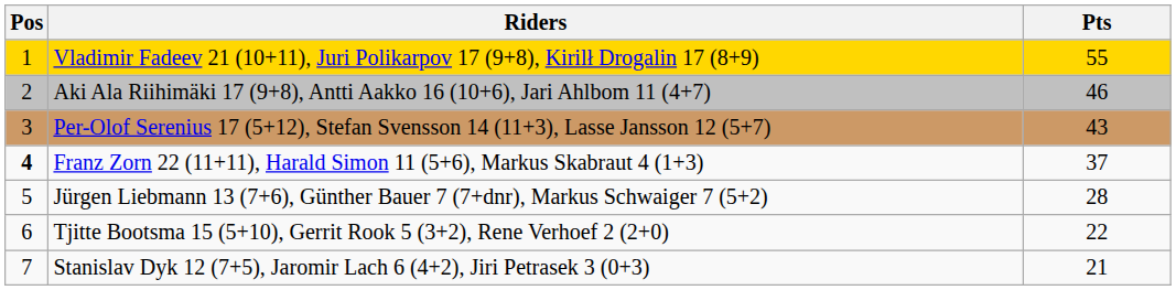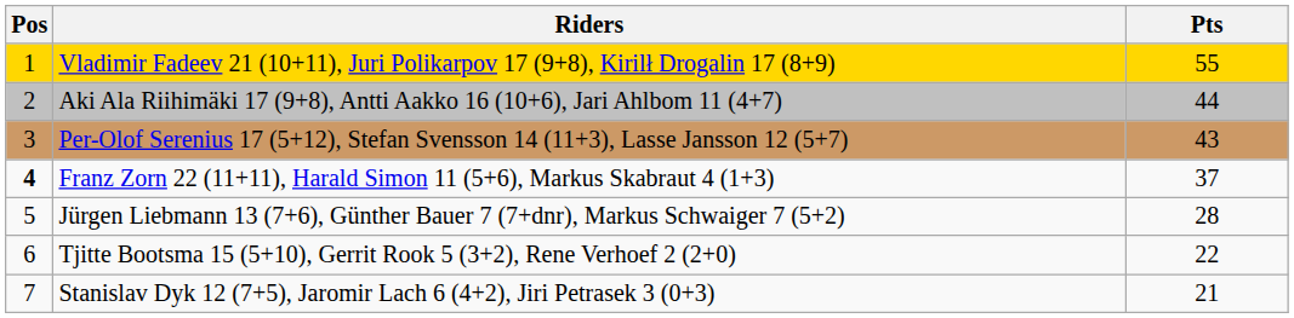 <table class="wikitable" style="font-size: 100%">
 <tr>
 <th width=20>Pos</th>
 <th width=700>Riders</th>
 <th width=100>Pts</th>
 </tr>
 <tr align=center style="background-color: gold;">
 <td>1</td>
 <td align="left"> <a href='#'>Vladimir Fadeev</a> 21 (10+11), <a href='#'>Juri Polikarpov</a> 17 (9+8), <a href='#'>Kirilł Drogalin</a> 17 (8+9)</td>
 <td>55</td>
 </tr>
 <tr align=center style="background-color: silver;">
 <td>2</td>
 <td align="left"> Aki Ala Riihimäki 17 (9+8), Antti Aakko 16 (10+6), Jari Ahlbom 11 (4+7)</td>
-<td>46</td>
+<td>44</td>
 </tr>
 <tr align=center style="background-color: #cc9966;">
 <td>3</td>
 <td align="left"> <a href='#'>Per-Olof Serenius</a> 17 (5+12), Stefan Svensson 14 (11+3), Lasse Jansson 12 (5+7)</td>
 <td>43</td>
 </tr>
 <tr align=center>
 <td><strong>4</strong></td>
 <td align="left"> <a href='#'>Franz Zorn</a> 22 (11+11), <a href='#'>Harald Simon</a> 11 (5+6), Markus Skabraut 4 (1+3)</td>
 <td>37</td>
 </tr>
 <tr align=center>
 <td>5</td>
 <td align="left"> Jürgen Liebmann 13 (7+6), Günther Bauer 7 (7+dnr), Markus Schwaiger 7 (5+2)</td>
 <td>28</td>
 </tr>
 <tr align=center>
 <td>6</td>
 <td align="left"> Tjitte Bootsma 15 (5+10), Gerrit Rook 5 (3+2), Rene Verhoef 2 (2+0)</td>
 <td>22</td>
 </tr>
 <tr align=center>
 <td>7</td>
 <td align="left"> Stanislav Dyk 12 (7+5), Jaromir Lach 6 (4+2), Jiri Petrasek 3 (0+3)</td>
 <td>21</td>
 </tr>
 </table>
